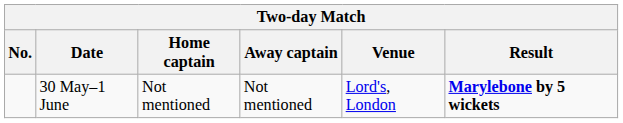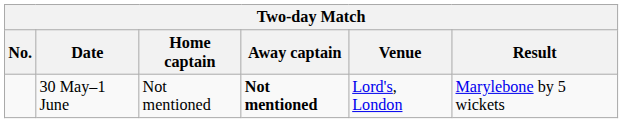 <table class="wikitable">
 <tr>
 <th colspan="9">Two-day Match</th>
 </tr>
 <tr>
 <th>No.</th>
 <th>Date</th>
 <th>Home captain</th>
 <th>Away captain</th>
 <th>Venue</th>
 <th>Result</th>
 </tr>
 <tr>
 <td></td>
 <td>30 May–1 June</td>
 <td>Not mentioned</td>
-<td>Not mentioned</td>
+<td><strong>Not mentioned</strong></td>
 <td><a href='#'>Lord's</a>, <a href='#'>London</a></td>
-<td><strong><a href='#'>Marylebone</a> by 5 wickets</strong></td>
+<td><a href='#'>Marylebone</a> by 5 wickets</td>
 </tr>
 </table>
